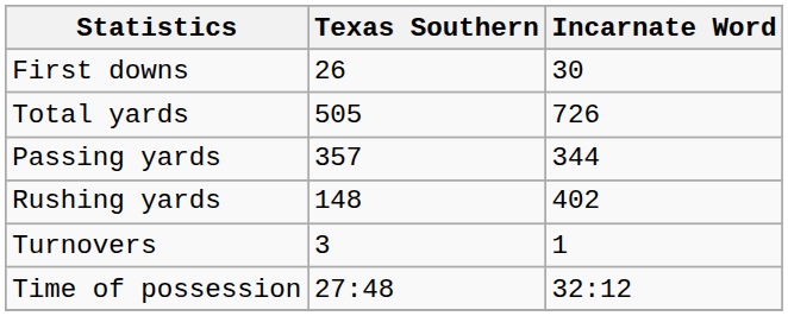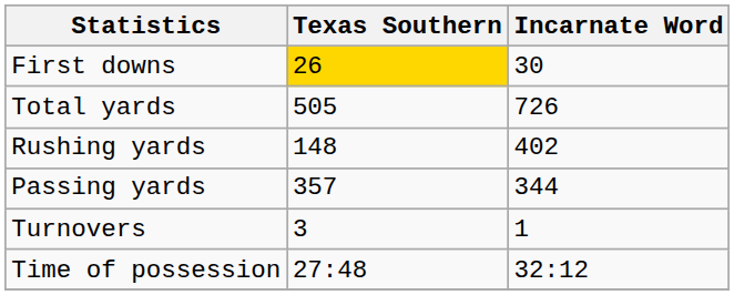 <table class="wikitable">
 <tr>
 <th>Statistics</th>
 <th>Texas Southern</th>
 <th>Incarnate Word</th>
 </tr>
 <tr>
 <td>First downs</td>
-<td>26</td>
+<td style="background: gold;">26</td>
 <td>30</td>
 </tr>
 <tr>
 <td>Total yards</td>
 <td>505</td>
 <td>726</td>
 </tr>
 <tr>
+<td>Rushing yards</td>
+<td>148</td>
+<td>402</td>
+</tr>
+<tr>
 <td>Passing yards</td>
 <td>357</td>
 <td>344</td>
-</tr>
-<tr>
-<td>Rushing yards</td>
-<td>148</td>
-<td>402</td>
 </tr>
 <tr>
 <td>Turnovers</td>
 <td>3</td>
 <td>1</td>
 </tr>
 <tr>
 <td>Time of possession</td>
 <td>27:48</td>
 <td>32:12</td>
 </tr>
 <tr>
 </tr>
 </table>
